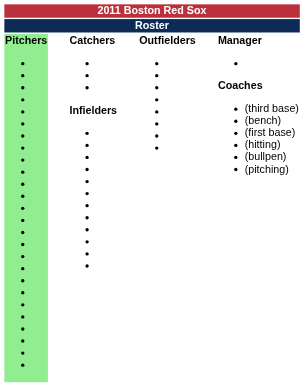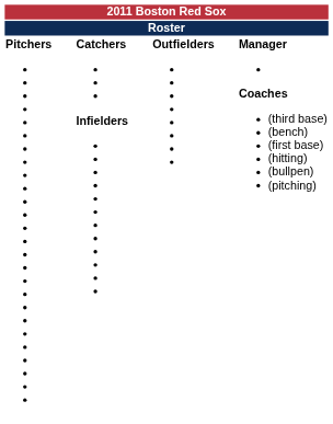 <table class="toccolours" style="text-align: left;">
 <tr>
 <th colspan="10" style="background-color: #ba313c; color: #FFFFFF; text-align: center;">2011 Boston Red Sox</th>
 </tr>
 <tr>
 <td colspan="10" style="background-color:#0d2b56; color: white; text-align: center;"><strong>Roster</strong></td>
 </tr>
 <tr>
-<td valign="top" style="background: lightgreen;"><strong>Pitchers</strong><br><ul><li></li><li></li><li></li><li></li><li></li><li></li><li></li><li></li><li></li><li></li><li></li><li></li><li></li><li></li><li></li><li></li><li></li><li></li><li></li><li></li><li></li><li></li><li></li><li></li><li></li><li></li></ul></td>
+<td valign="top"><strong>Pitchers</strong><br><ul><li></li><li></li><li></li><li></li><li></li><li></li><li></li><li></li><li></li><li></li><li></li><li></li><li></li><li></li><li></li><li></li><li></li><li></li><li></li><li></li><li></li><li></li><li></li><li></li><li></li><li></li></ul></td>
 <td width="25px"></td>
 <td valign="top"><strong>Catchers</strong><br><ul><li></li><li></li><li></li></ul><strong>Infielders</strong><ul><li></li><li></li><li></li><li></li><li></li><li></li><li></li><li></li><li></li><li></li><li></li><li></li></ul></td>
 <td width="25px"></td>
 <td valign="top"><strong>Outfielders</strong><br><ul><li></li><li></li><li></li><li></li><li></li><li></li><li></li><li></li></ul></td>
 <td width="25px"></td>
 <td valign="top"><strong>Manager</strong><br><ul><li></li></ul><strong>Coaches</strong><ul><li> (third base)</li><li> (bench)</li><li> (first base)</li><li> (hitting)</li><li> (bullpen)</li><li> (pitching)</li></ul></td>
 </tr>
 <tr>
 </tr>
 </table>
